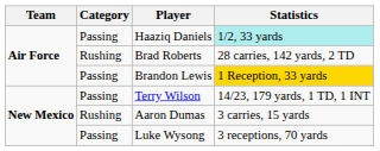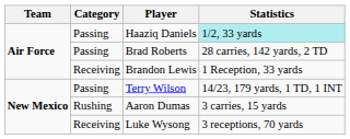 <table class="wikitable" style="float: left;">
 <tr>
 <th>Team</th>
 <th>Category</th>
 <th>Player</th>
 <th>Statistics</th>
 </tr>
 <tr>
 <td rowspan=3><strong>Air Force</strong></td>
 <td>Passing</td>
 <td>Haaziq Daniels</td>
 <td style="background: paleturquoise;">1/2, 33 yards</td>
 </tr>
 <tr>
-<td>Rushing</td>
+<td>Passing</td>
 <td>Brad Roberts</td>
 <td>28 carries, 142 yards, 2 TD</td>
 </tr>
 <tr>
-<td>Passing</td>
+<td>Receiving</td>
 <td>Brandon Lewis</td>
-<td style="background: gold;">1 Reception, 33 yards</td>
+<td>1 Reception, 33 yards</td>
 </tr>
 <tr>
 <td rowspan=3><strong>New Mexico</strong></td>
 <td>Passing</td>
 <td><a href='#'>Terry Wilson</a></td>
 <td>14/23, 179 yards, 1 TD, 1 INT</td>
 </tr>
 <tr>
 <td>Rushing</td>
 <td>Aaron Dumas</td>
 <td>3 carries, 15 yards</td>
 </tr>
 <tr>
-<td>Passing</td>
+<td>Receiving</td>
 <td>Luke Wysong</td>
 <td>3 receptions, 70 yards</td>
 </tr>
 </table>
